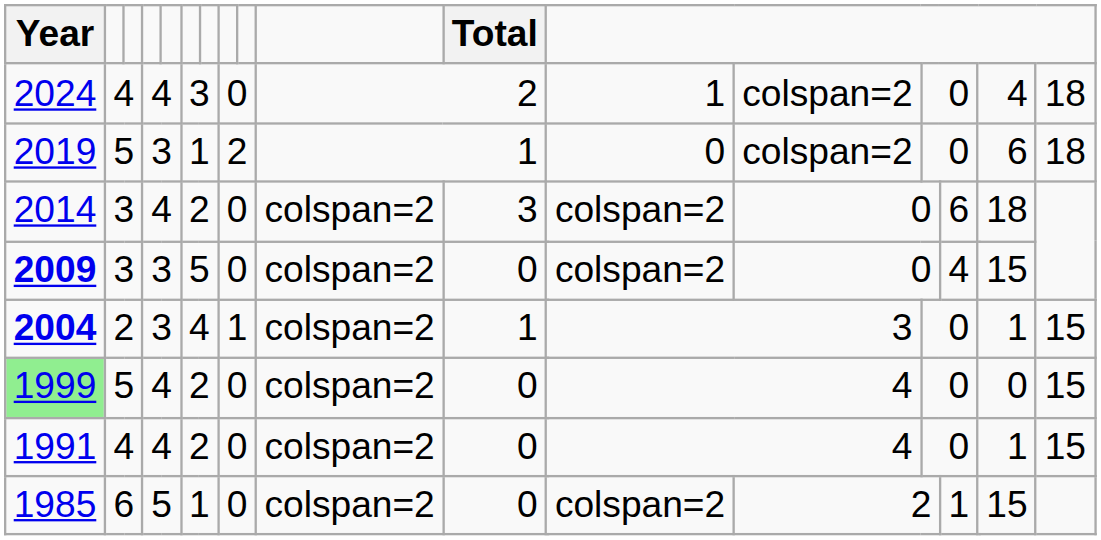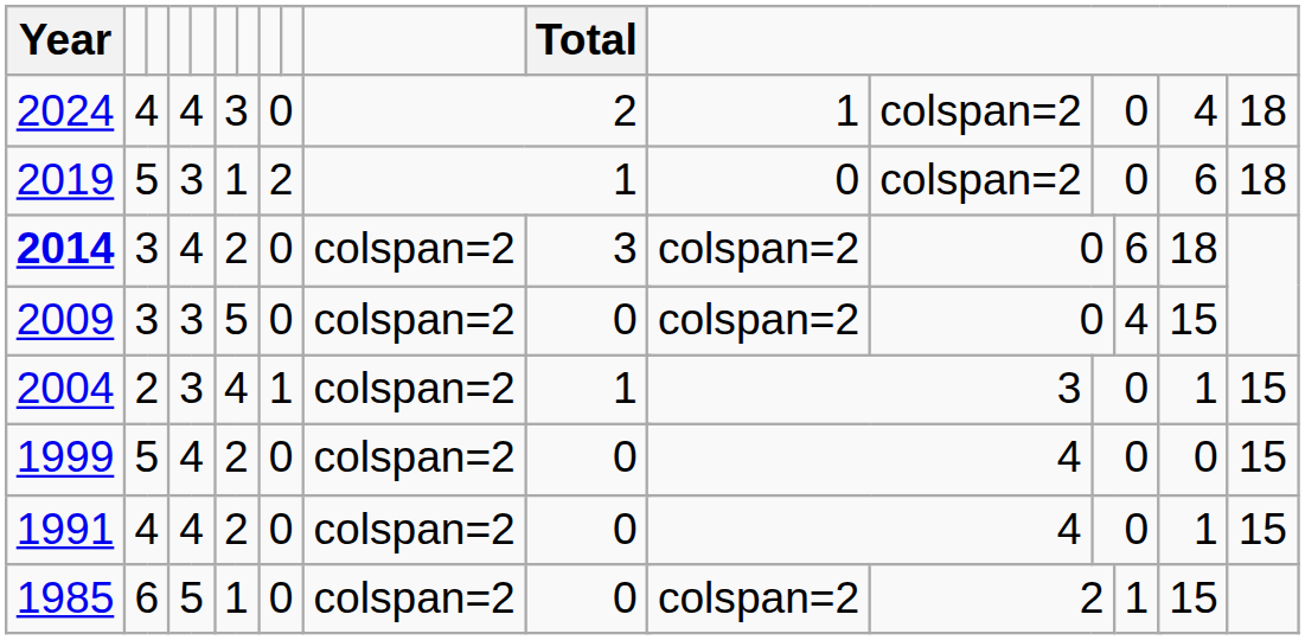 <table class="wikitable" style="text-align:right; padding-left:1em">
 <tr>
 <th align="left">Year</th>
 <td></td>
 <td></td>
 <td></td>
 <td></td>
 <td></td>
 <td></td>
 <td></td>
 <td></td>
 <td></td>
 <th align="left">Total</th>
 </tr>
 <tr>
 <td align=left><a href='#'>2024</a></td>
 <td colspan=2>4</td>
 <td colspan=2>4</td>
 <td colspan=2>3</td>
 <td colspan=2>0</td>
 <td colspan=2>2</td>
 <td colspan=2>1</td>
 <td>colspan=2 </td>
 <td colspan=2>0</td>
 <td colspan=2>4</td>
 <td>18</td>
 </tr>
 <tr>
 <td align=left><a href='#'>2019</a></td>
 <td colspan=2>5</td>
 <td colspan=2>3</td>
 <td colspan=2>1</td>
 <td colspan=2>2</td>
 <td colspan=2>1</td>
 <td colspan=2>0</td>
 <td>colspan=2 </td>
 <td colspan=2>0</td>
 <td colspan=2>6</td>
 <td>18</td>
 </tr>
 <tr>
-<td align=left><a href='#'>2014</a></td>
+<td align=left><strong><a href='#'>2014</a></strong></td>
 <td colspan=2>3</td>
 <td colspan=2>4</td>
 <td colspan=2>2</td>
 <td colspan=2>0</td>
 <td>colspan=2 </td>
 <td colspan=2>3</td>
 <td>colspan=2 </td>
 <td colspan=2>0</td>
 <td colspan=2>6</td>
 <td>18</td>
 </tr>
 <tr>
-<td align=left><strong><a href='#'>2009</a></strong></td>
+<td align=left><a href='#'>2009</a></td>
 <td colspan=2>3</td>
 <td colspan=2>3</td>
 <td colspan=2>5</td>
 <td colspan=2>0</td>
 <td>colspan=2 </td>
 <td colspan=2>0</td>
 <td>colspan=2 </td>
 <td colspan=2>0</td>
 <td colspan=2>4</td>
 <td>15</td>
 </tr>
 <tr>
-<td align=left><strong><a href='#'>2004</a></strong></td>
+<td align=left><a href='#'>2004</a></td>
 <td colspan=2>2</td>
 <td colspan=2>3</td>
 <td colspan=2>4</td>
 <td colspan=2>1</td>
 <td>colspan=2 </td>
 <td colspan=2>1</td>
 <td colspan=2>3</td>
 <td colspan=2>0</td>
 <td colspan=2>1</td>
 <td>15</td>
 </tr>
 <tr>
-<td align=left style="background: lightgreen;"><a href='#'>1999</a></td>
+<td align=left><a href='#'>1999</a></td>
 <td colspan=2>5</td>
 <td colspan=2>4</td>
 <td colspan=2>2</td>
 <td colspan=2>0</td>
 <td>colspan=2 </td>
 <td colspan=2>0</td>
 <td colspan=2>4</td>
 <td colspan=2>0</td>
 <td colspan=2>0</td>
 <td>15</td>
 </tr>
 <tr>
 <td align=left><a href='#'>1991</a></td>
 <td colspan=2>4</td>
 <td colspan=2>4</td>
 <td colspan=2>2</td>
 <td colspan=2>0</td>
 <td>colspan=2 </td>
 <td colspan=2>0</td>
 <td colspan=2>4</td>
 <td colspan=2>0</td>
 <td colspan=2>1</td>
 <td>15</td>
 </tr>
 <tr>
 <td align=left><a href='#'>1985</a></td>
 <td colspan=2>6</td>
 <td colspan=2>5</td>
 <td colspan=2>1</td>
 <td colspan=2>0</td>
 <td>colspan=2 </td>
 <td colspan=2>0</td>
 <td>colspan=2 </td>
 <td colspan=2>2</td>
 <td colspan=2>1</td>
 <td>15</td>
 </tr>
 </table>
